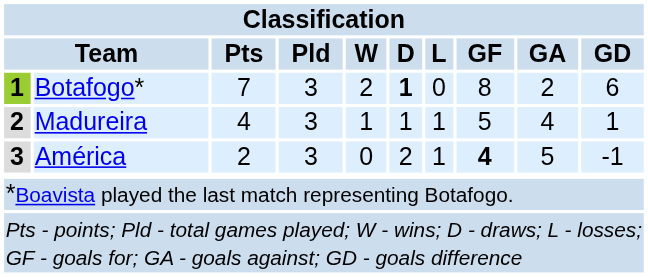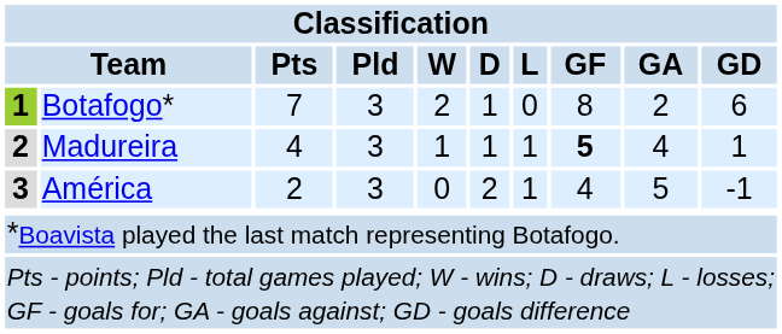 <table>
 <tr>
 <th colspan="11" bgcolor=#CCDDEE>Classification</th>
 </tr>
 <tr>
 <th colspan="2" bgcolor=#CCDDEE>Team</th>
 <th bgcolor=#CCDDEE align="center">Pts</th>
 <th bgcolor=#CCDDEE align="center">Pld</th>
 <th bgcolor=#CCDDEE align="center">W</th>
 <th bgcolor=#CCDDEE align="center">D</th>
 <th bgcolor=#CCDDEE align="center">L</th>
 <th bgcolor=#CCDDEE align="center">GF</th>
 <th bgcolor=#CCDDEE align="center">GA</th>
 <th bgcolor=#CCDDEE align="center">GD</th>
 </tr>
 <tr>
 <th bgcolor=#9ACD32 align="center"><span>1</span></th>
 <td bgcolor=#DDEEFF><a href='#'>Botafogo</a>*</td>
 <td bgcolor=#DDEEFF align="center">7</td>
 <td bgcolor=#DDEEFF align="center">3</td>
 <td bgcolor=#DDEEFF align="center">2</td>
-<td bgcolor=#DDEEFF align="center"><strong>1</strong></td>
+<td bgcolor=#DDEEFF align="center">1</td>
 <td bgcolor=#DDEEFF align="center">0</td>
 <td bgcolor=#DDEEFF align="center">8</td>
 <td bgcolor=#DDEEFF align="center">2</td>
 <td bgcolor=#DDEEFF align="center">6</td>
 </tr>
 <tr>
 <th bgcolor=#DCDCDC align="center"><span>2</span></th>
 <td bgcolor=#DDEEFF><a href='#'>Madureira</a></td>
 <td bgcolor=#DDEEFF align="center">4</td>
 <td bgcolor=#DDEEFF align="center">3</td>
 <td bgcolor=#DDEEFF align="center">1</td>
 <td bgcolor=#DDEEFF align="center">1</td>
 <td bgcolor=#DDEEFF align="center">1</td>
-<td bgcolor=#DDEEFF align="center">5</td>
+<td bgcolor=#DDEEFF align="center"><strong>5</strong></td>
 <td bgcolor=#DDEEFF align="center">4</td>
 <td bgcolor=#DDEEFF align="center">1</td>
 </tr>
 <tr>
 <th bgcolor=#DCDCDC align="center"><span>3</span></th>
 <td bgcolor=#DDEEFF><a href='#'>América</a></td>
 <td bgcolor=#DDEEFF align="center">2</td>
 <td bgcolor=#DDEEFF align="center">3</td>
 <td bgcolor=#DDEEFF align="center">0</td>
 <td bgcolor=#DDEEFF align="center">2</td>
 <td bgcolor=#DDEEFF align="center">1</td>
-<td bgcolor=#DDEEFF align="center"><strong>4</strong></td>
+<td bgcolor=#DDEEFF align="center">4</td>
 <td bgcolor=#DDEEFF align="center">5</td>
 <td bgcolor=#DDEEFF align="center">-1</td>
 </tr>
 <tr>
 </tr>
 <tr bgcolor=#CCDDEE>
 <td colspan="11">*<small><a href='#'>Boavista</a> played the last match representing Botafogo.</small></td>
 </tr>
 <tr bgcolor=#CCDDEE>
 <td colspan="11"><small><em>Pts - points; Pld - total games played; W - wins; D - draws; L - losses;<br> GF - goals for; GA - goals against; GD - goals difference</em></small></td>
 </tr>
 </table>
